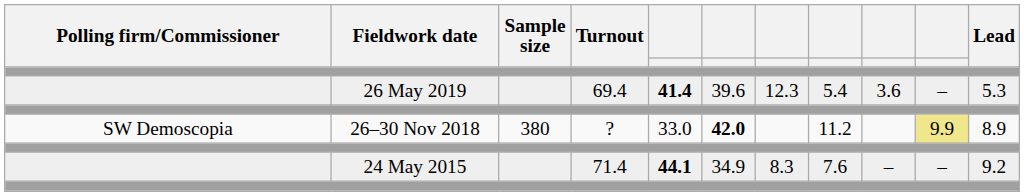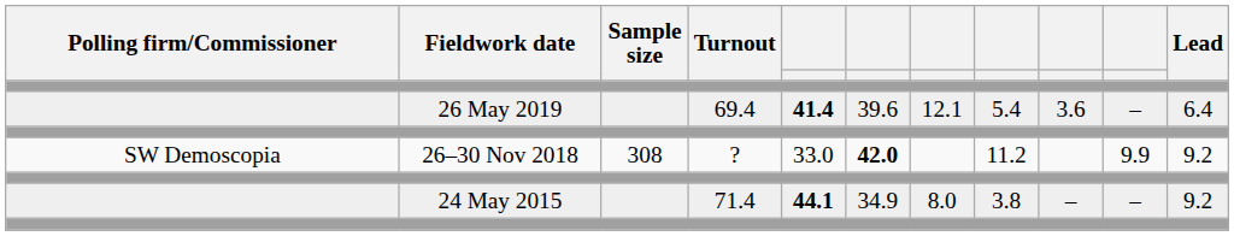 <table class="wikitable collapsible collapsed" style="text-align:center; font-size:95%; line-height:16px;">
 <tr style="height:42px;">
 <th style="width:250px;" rowspan="2">Polling firm/Commissioner</th>
 <th style="width:125px;" rowspan="2">Fieldwork date</th>
 <th style="width:50px;" rowspan="2">Sample size</th>
 <th style="width:45px;" rowspan="2">Turnout</th>
 <th style="width:35px;"></th>
 <th style="width:35px;"></th>
 <th style="width:35px;"></th>
 <th style="width:35px;"></th>
 <th style="width:35px;"></th>
 <th style="width:35px;"></th>
 <th style="width:30px;" rowspan="2">Lead</th>
 </tr>
 <tr>
 <th style="color:inherit;background:"></th>
 <th style="color:inherit;background:"></th>
 <th style="color:inherit;background:"></th>
 <th style="color:inherit;background:"></th>
 <th style="color:inherit;background:"></th>
 <th style="color:inherit;background:"></th>
 </tr>
 <tr>
 <td colspan="11" style="background:#A0A0A0"></td>
 </tr>
 <tr style="background:#EFEFEF;">
 <td><strong></strong></td>
 <td>26 May 2019</td>
 <td></td>
 <td>69.4</td>
 <td><strong>41.4</strong><br></td>
 <td>39.6<br></td>
-<td>12.3<br></td>
+<td>12.1<br></td>
 <td>5.4<br></td>
 <td>3.6<br></td>
 <td>–</td>
-<td style="background:">5.3</td>
+<td style="background:">6.4</td>
 </tr>
 <tr>
 <td colspan="11" style="background:#A0A0A0"></td>
 </tr>
 <tr>
 <td>SW Demoscopia</td>
 <td>26–30 Nov 2018</td>
-<td>380</td>
+<td>308</td>
 <td>?</td>
 <td>33.0<br></td>
 <td><strong>42.0</strong><br></td>
 <td></td>
 <td>11.2<br></td>
 <td></td>
-<td style="background: khaki;">9.9<br></td>
-<td style="background:">8.9</td>
+<td>9.9<br></td>
+<td style="background:">9.2</td>
 </tr>
 <tr>
 <td colspan="11" style="background:#A0A0A0"></td>
 </tr>
 <tr style="background:#EFEFEF;">
 <td><strong></strong></td>
 <td>24 May 2015</td>
 <td></td>
 <td>71.4</td>
 <td><strong>44.1</strong><br></td>
 <td>34.9<br></td>
-<td>8.3<br></td>
-<td>7.6<br></td>
+<td>8.0<br></td>
+<td>3.8<br></td>
 <td>–</td>
 <td>–</td>
 <td style="background:">9.2</td>
 </tr>
 <tr>
 <td colspan="11" style="background:#A0A0A0"></td>
 </tr>
 </table>
